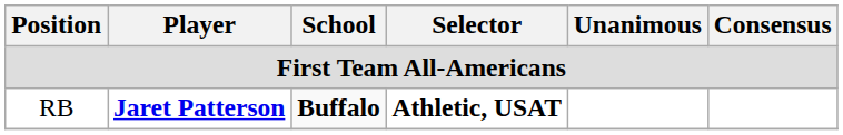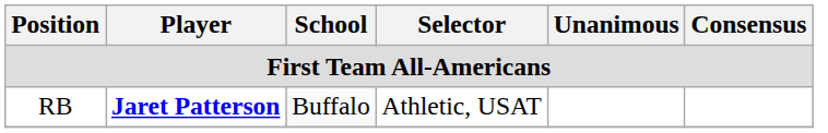 <table class="wikitable" border="0">
 <tr>
 <th>Position</th>
 <th>Player</th>
 <th>School</th>
 <th>Selector</th>
 <th>Unanimous</th>
 <th>Consensus</th>
 </tr>
 <tr>
 <td colspan="6" style="text-align:center; background:#ddd;"><strong>First Team All-Americans</strong></td>
 </tr>
 <tr style="text-align:center;">
 <td style="background:white">RB</td>
 <td style="background:white"><strong><a href='#'>Jaret Patterson</a></strong></td>
-<td style=><strong>Buffalo</strong></td>
-<td style="background:white"><strong>Athletic, USAT</strong></td>
+<td style=>Buffalo</td>
+<td style="background:white">Athletic, USAT</td>
 <td style="background:white"></td>
 <td style="background:white"></td>
 </tr>
 <tr>
 </tr>
 </table>
